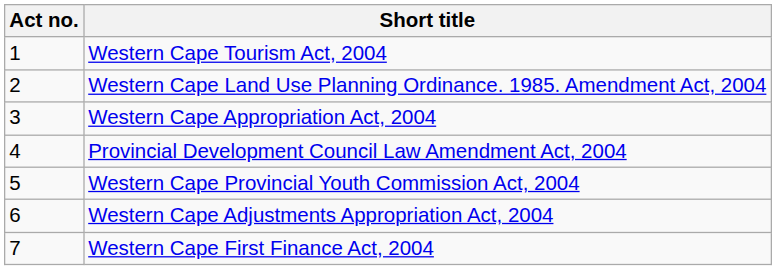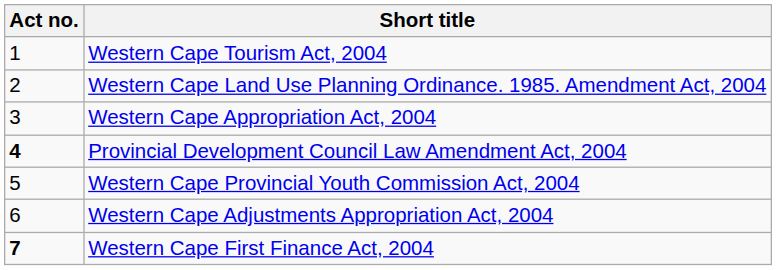 <table class="wikitable">
 <tr>
 <th>Act no.</th>
 <th>Short title</th>
 </tr>
 <tr>
 <td>1</td>
 <td><a href='#'>Western Cape Tourism Act, 2004</a></td>
 </tr>
 <tr>
 <td>2</td>
 <td><a href='#'>Western Cape Land Use Planning Ordinance. 1985. Amendment Act, 2004</a></td>
 </tr>
 <tr>
 <td>3</td>
 <td><a href='#'>Western Cape Appropriation Act, 2004</a></td>
 </tr>
 <tr>
-<td>4</td>
+<td><strong>4</strong></td>
 <td><a href='#'>Provincial Development Council Law Amendment Act, 2004</a></td>
 </tr>
 <tr>
 <td>5</td>
 <td><a href='#'>Western Cape Provincial Youth Commission Act, 2004</a></td>
 </tr>
 <tr>
 <td>6</td>
 <td><a href='#'>Western Cape Adjustments Appropriation Act, 2004</a></td>
 </tr>
 <tr>
-<td>7</td>
+<td><strong>7</strong></td>
 <td><a href='#'>Western Cape First Finance Act, 2004</a></td>
 </tr>
 </table>
